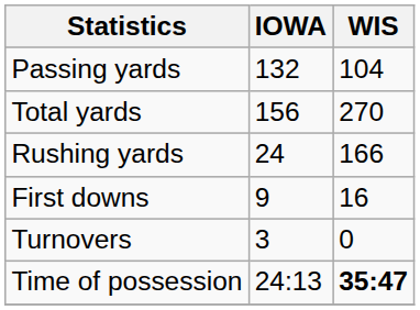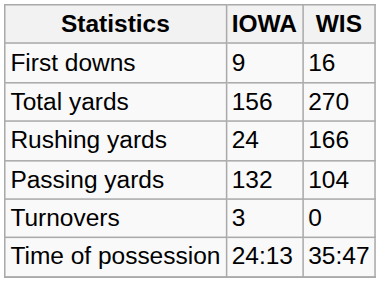 <table class="wikitable">
 <tr>
 <th>Statistics</th>
 <th>IOWA</th>
 <th>WIS</th>
 </tr>
 <tr>
-<td>Passing yards</td>
-<td>132</td>
-<td>104</td>
+<td>First downs</td>
+<td>9</td>
+<td>16</td>
 </tr>
 <tr>
 <td>Total yards</td>
 <td>156</td>
 <td>270</td>
 </tr>
 <tr>
 <td>Rushing yards</td>
 <td>24</td>
 <td>166</td>
 </tr>
 <tr>
-<td>First downs</td>
-<td>9</td>
-<td>16</td>
+<td>Passing yards</td>
+<td>132</td>
+<td>104</td>
 </tr>
 <tr>
 <td>Turnovers</td>
 <td>3</td>
 <td>0</td>
 </tr>
 <tr>
 <td>Time of possession</td>
 <td>24:13</td>
-<td><strong>35:47</strong></td>
+<td>35:47</td>
 </tr>
 <tr>
 </tr>
 </table>
